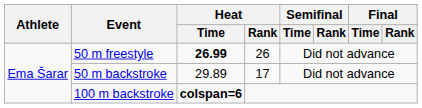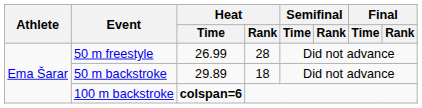 <table class=wikitable style="font-size:90%">
 <tr>
 <th rowspan=2>Athlete</th>
 <th rowspan=2>Event</th>
 <th colspan="2">Heat</th>
 <th colspan="2">Semifinal</th>
 <th colspan="2">Final</th>
 </tr>
 <tr style="font-size:95%">
 <th>Time</th>
 <th>Rank</th>
 <th>Time</th>
 <th>Rank</th>
 <th>Time</th>
 <th>Rank</th>
 </tr>
 <tr align=center>
 <td align=left rowspan=3><a href='#'>Ema Šarar</a></td>
 <td align=left><a href='#'>50 m freestyle</a></td>
-<td><strong>26.99</strong></td>
-<td>26</td>
+<td>26.99</td>
+<td>28</td>
 <td colspan=4>Did not advance</td>
 </tr>
 <tr align=center>
 <td align=left><a href='#'>50 m backstroke</a></td>
 <td>29.89</td>
-<td>17</td>
+<td>18</td>
 <td colspan=4>Did not advance</td>
 </tr>
 <tr align=center>
 <td align=left><a href='#'>100 m backstroke</a></td>
 <td><strong>colspan=6 </strong></td>
 </tr>
 </table>
